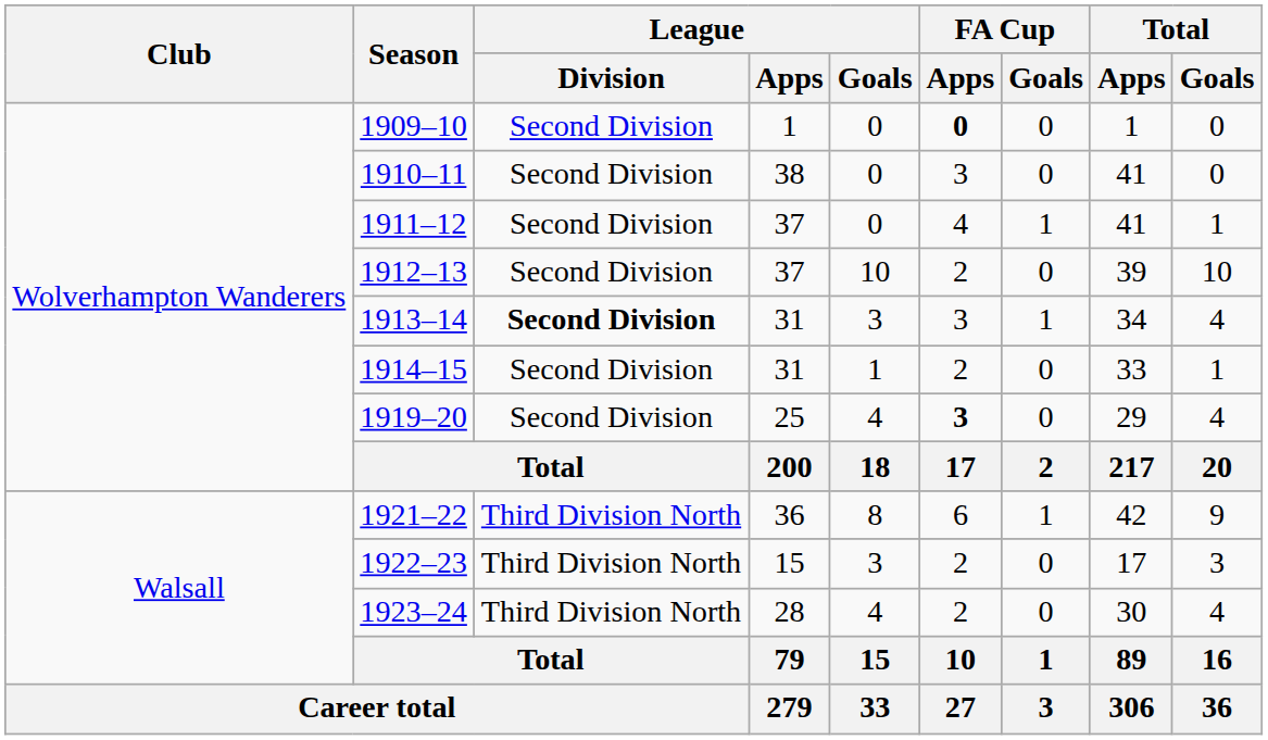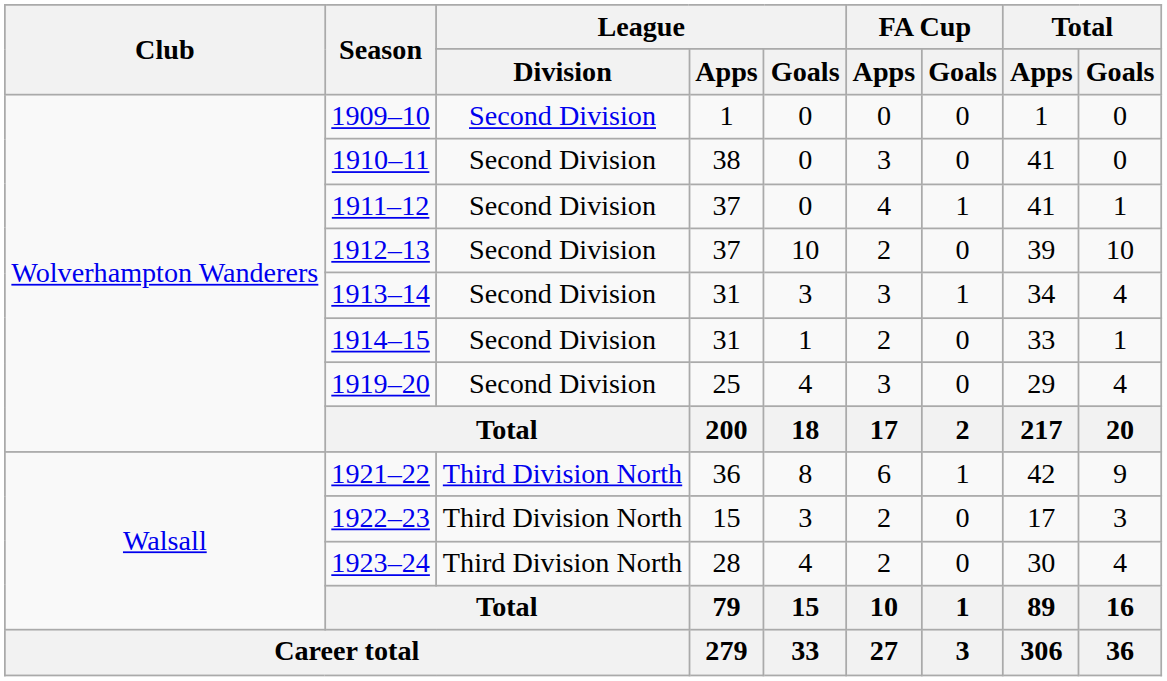 <table class="wikitable" style="text-align: center;">
 <tr>
 <th rowspan="2">Club</th>
 <th rowspan="2">Season</th>
 <th colspan="3">League</th>
 <th colspan="2">FA Cup</th>
 <th colspan="2">Total</th>
 </tr>
 <tr>
 <th>Division</th>
 <th>Apps</th>
 <th>Goals</th>
 <th>Apps</th>
 <th>Goals</th>
 <th>Apps</th>
 <th>Goals</th>
 </tr>
 <tr>
 <td rowspan=8><a href='#'>Wolverhampton Wanderers</a></td>
 <td><a href='#'>1909–10</a></td>
 <td><a href='#'>Second Division</a></td>
 <td>1</td>
 <td>0</td>
-<td><strong>0</strong></td>
+<td>0</td>
 <td>0</td>
 <td>1</td>
 <td>0</td>
 </tr>
 <tr>
 <td><a href='#'>1910–11</a></td>
 <td>Second Division</td>
 <td>38</td>
 <td>0</td>
 <td>3</td>
 <td>0</td>
 <td>41</td>
 <td>0</td>
 </tr>
 <tr>
 <td><a href='#'>1911–12</a></td>
 <td>Second Division</td>
 <td>37</td>
 <td>0</td>
 <td>4</td>
 <td>1</td>
 <td>41</td>
 <td>1</td>
 </tr>
 <tr>
 <td><a href='#'>1912–13</a></td>
 <td>Second Division</td>
 <td>37</td>
 <td>10</td>
 <td>2</td>
 <td>0</td>
 <td>39</td>
 <td>10</td>
 </tr>
 <tr>
 <td><a href='#'>1913–14</a></td>
-<td><strong>Second Division</strong></td>
+<td>Second Division</td>
 <td>31</td>
 <td>3</td>
 <td>3</td>
 <td>1</td>
 <td>34</td>
 <td>4</td>
 </tr>
 <tr>
 <td><a href='#'>1914–15</a></td>
 <td>Second Division</td>
 <td>31</td>
 <td>1</td>
 <td>2</td>
 <td>0</td>
 <td>33</td>
 <td>1</td>
 </tr>
 <tr>
 <td><a href='#'>1919–20</a></td>
 <td>Second Division</td>
 <td>25</td>
 <td>4</td>
-<td><strong>3</strong></td>
+<td>3</td>
 <td>0</td>
 <td>29</td>
 <td>4</td>
 </tr>
 <tr>
 <th colspan=2>Total</th>
 <th>200</th>
 <th>18</th>
 <th>17</th>
 <th>2</th>
 <th>217</th>
 <th>20</th>
 </tr>
 <tr>
 <td rowspan=4><a href='#'>Walsall</a></td>
 <td><a href='#'>1921–22</a></td>
 <td><a href='#'>Third Division North</a></td>
 <td>36</td>
 <td>8</td>
 <td>6</td>
 <td>1</td>
 <td>42</td>
 <td>9</td>
 </tr>
 <tr>
 <td><a href='#'>1922–23</a></td>
 <td>Third Division North</td>
 <td>15</td>
 <td>3</td>
 <td>2</td>
 <td>0</td>
 <td>17</td>
 <td>3</td>
 </tr>
 <tr>
 <td><a href='#'>1923–24</a></td>
 <td>Third Division North</td>
 <td>28</td>
 <td>4</td>
 <td>2</td>
 <td>0</td>
 <td>30</td>
 <td>4</td>
 </tr>
 <tr>
 <th colspan=2>Total</th>
 <th>79</th>
 <th>15</th>
 <th>10</th>
 <th>1</th>
 <th>89</th>
 <th>16</th>
 </tr>
 <tr>
 <th colspan="3">Career total</th>
 <th>279</th>
 <th>33</th>
 <th>27</th>
 <th>3</th>
 <th>306</th>
 <th>36</th>
 </tr>
 </table>
